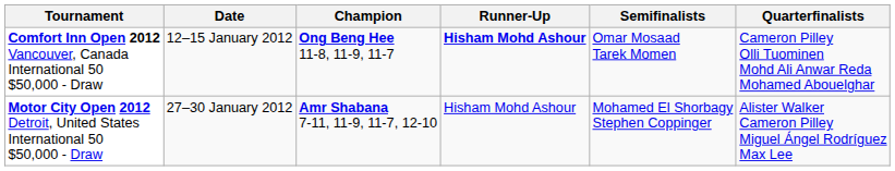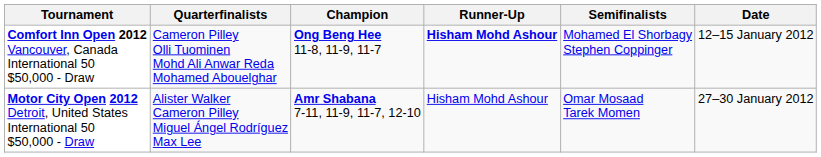 <table class="wikitable" style="font-size:88%">
 <tr>
 <th>Tournament</th>
-<th>Date</th>
+<th>Quarterfinalists</th>
 <th>Champion</th>
 <th>Runner-Up</th>
 <th>Semifinalists</th>
-<th>Quarterfinalists</th>
+<th>Date</th>
 </tr>
 <tr valign=top>
 <td style="background:#fff"><strong><a href='#'>Comfort Inn Open</a> 2012</strong><br> <a href='#'>Vancouver</a>, Canada<br>International 50<br>$50,000 - Draw</td>
-<td>12–15 January 2012</td>
+<td> <a href='#'>Cameron Pilley</a><br> <a href='#'>Olli Tuominen</a><br> <a href='#'>Mohd Ali Anwar Reda</a><br> <a href='#'>Mohamed Abouelghar</a></td>
 <td> <strong><a href='#'>Ong Beng Hee</a></strong><br>11-8, 11-9, 11-7</td>
 <td><strong> <a href='#'>Hisham Mohd Ashour</a></strong></td>
-<td> <a href='#'>Omar Mosaad</a><br> <a href='#'>Tarek Momen</a></td>
-<td> <a href='#'>Cameron Pilley</a><br> <a href='#'>Olli Tuominen</a><br> <a href='#'>Mohd Ali Anwar Reda</a><br> <a href='#'>Mohamed Abouelghar</a></td>
+<td> <a href='#'>Mohamed El Shorbagy</a><br> <a href='#'>Stephen Coppinger</a></td>
+<td>12–15 January 2012</td>
 </tr>
 <tr valign=top>
 <td style="background:#fff"><strong><a href='#'>Motor City Open</a> <a href='#'>2012</a></strong><br> <a href='#'>Detroit</a>, United States<br>International 50<br>$50,000 - <a href='#'>Draw</a></td>
-<td>27–30 January 2012</td>
+<td> <a href='#'>Alister Walker</a><br> <a href='#'>Cameron Pilley</a><br> <a href='#'>Miguel Ángel Rodríguez</a><br> <a href='#'>Max Lee</a></td>
 <td> <strong><a href='#'>Amr Shabana</a></strong><br>7-11, 11-9, 11-7, 12-10</td>
 <td> <a href='#'>Hisham Mohd Ashour</a></td>
-<td> <a href='#'>Mohamed El Shorbagy</a><br> <a href='#'>Stephen Coppinger</a></td>
-<td> <a href='#'>Alister Walker</a><br> <a href='#'>Cameron Pilley</a><br> <a href='#'>Miguel Ángel Rodríguez</a><br> <a href='#'>Max Lee</a></td>
+<td> <a href='#'>Omar Mosaad</a><br> <a href='#'>Tarek Momen</a></td>
+<td>27–30 January 2012</td>
 </tr>
 </table>
